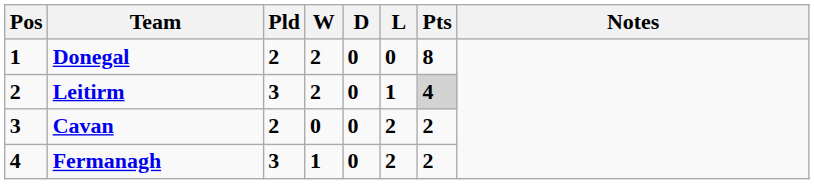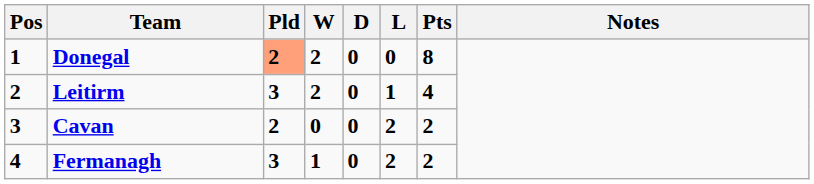 <table class="wikitable" style="text-align: centre;">
 <tr>
 <th width=20>Pos</th>
 <th width=150>Team</th>
 <th width=20>Pld</th>
 <th width=20>W</th>
 <th width=20>D</th>
 <th width=20>L</th>
 <th width=20>Pts</th>
 <th width=250>Notes</th>
 </tr>
 <tr style>
 <td><strong>1</strong></td>
 <td align=left><strong> <a href='#'>Donegal</a> </strong></td>
-<td><strong>2</strong></td>
+<td style="background: lightsalmon;"><strong>2</strong></td>
 <td><strong>2</strong></td>
 <td><strong>0</strong></td>
 <td><strong>0</strong></td>
 <td><strong>8</strong></td>
 </tr>
 <tr style>
 <td><strong>2</strong></td>
 <td align=left><strong> <a href='#'>Leitirm</a> </strong></td>
 <td><strong>3</strong></td>
 <td><strong>2</strong></td>
 <td><strong>0</strong></td>
 <td><strong>1</strong></td>
-<td style="background: lightgrey;"><strong>4</strong></td>
+<td><strong>4</strong></td>
 </tr>
 <tr style>
 <td><strong>3</strong></td>
 <td align=left><strong> <a href='#'>Cavan</a> </strong></td>
 <td><strong>2</strong></td>
 <td><strong>0</strong></td>
 <td><strong>0</strong></td>
 <td><strong>2</strong></td>
 <td><strong>2</strong></td>
 </tr>
 <tr>
 <td><strong>4</strong></td>
 <td align=left><strong> <a href='#'>Fermanagh</a> </strong></td>
 <td><strong>3</strong></td>
 <td><strong>1</strong></td>
 <td><strong>0</strong></td>
 <td><strong>2</strong></td>
 <td><strong>2</strong></td>
 </tr>
 </table>
